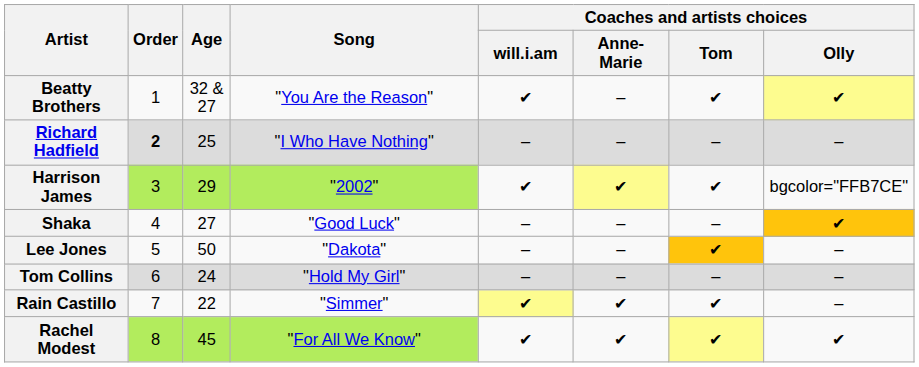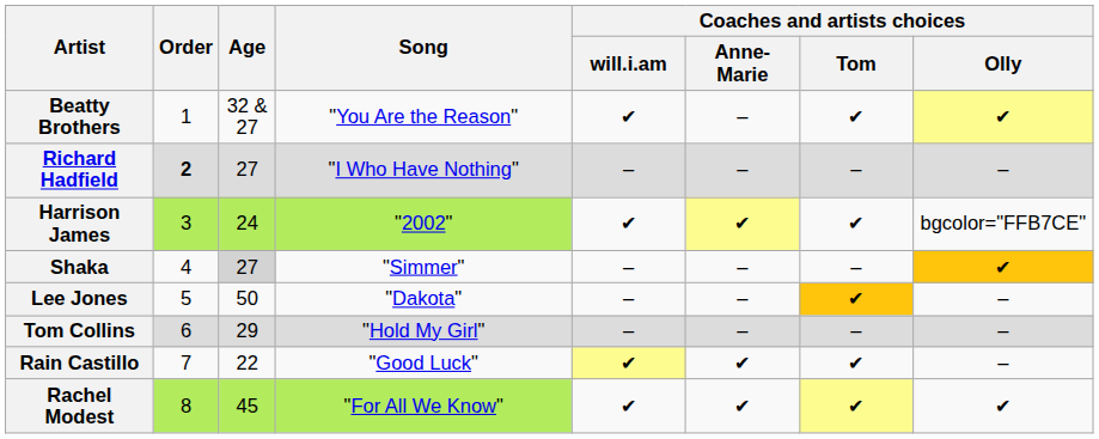 <table class="wikitable" style="text-align:center; width:100%">
 <tr>
 <th scope="col" rowspan="2" style="width:13%">Artist</th>
 <th scope="col" rowspan="2" style="width:05%">Order</th>
 <th scope="col" rowspan="2" style="width:05%">Age</th>
 <th scope="col" rowspan="2" style="width:26%">Song</th>
 <th scope="col" colspan="4" style="width:40%">Coaches and artists choices</th>
 </tr>
 <tr>
 <th style="width:10%">will.i.am</th>
 <th style="width:10%">Anne-Marie</th>
 <th style="width:10%">Tom</th>
 <th style="width:10%">Olly</th>
 </tr>
 <tr>
 <th scope="row">Beatty Brothers</th>
 <td>1</td>
 <td>32 & 27</td>
 <td>"<a href='#'>You Are the Reason</a>"</td>
 <td>✔</td>
 <td>–</td>
 <td>✔</td>
 <td style="background:#fdfc8f">✔</td>
 </tr>
 <tr style="background:#DCDCDC">
 <th scope="row"><a href='#'>Richard Hadfield</a></th>
 <td><strong>2</strong></td>
-<td>25</td>
+<td>27</td>
 <td>"<a href='#'>I Who Have Nothing</a>"</td>
 <td>–</td>
 <td>–</td>
 <td>–</td>
 <td>–</td>
 </tr>
 <tr>
 <th scope="row">Harrison James</th>
 <td style="background:#B2EC5D">3</td>
-<td style="background:#B2EC5D">29</td>
+<td style="background:#B2EC5D">24</td>
 <td style="background:#B2EC5D">"<a href='#'>2002</a>"</td>
 <td>✔</td>
 <td style="background:#fdfc8f">✔</td>
 <td>✔</td>
 <td>bgcolor="FFB7CE"</td>
 </tr>
 <tr>
 <th scope="row">Shaka</th>
 <td>4</td>
-<td>27</td>
-<td>"<a href='#'>Good Luck</a>"</td>
+<td style="background: lightgrey;">27</td>
+<td>"<a href='#'>Simmer</a>"</td>
 <td>–</td>
 <td>–</td>
 <td>–</td>
 <td style="background:#ffc40c">✔</td>
 </tr>
 <tr>
 <th scope="row">Lee Jones</th>
 <td>5</td>
 <td>50</td>
 <td>"<a href='#'>Dakota</a>"</td>
 <td>–</td>
 <td>–</td>
 <td style="background:#ffc40c">✔</td>
 <td>–</td>
 </tr>
 <tr style="background:#DCDCDC">
 <th scope="row">Tom Collins</th>
 <td>6</td>
-<td>24</td>
+<td>29</td>
 <td>"<a href='#'>Hold My Girl</a>"</td>
 <td>–</td>
 <td>–</td>
 <td>–</td>
 <td>–</td>
 </tr>
 <tr>
 <th scope="row">Rain Castillo</th>
 <td>7</td>
 <td>22</td>
-<td>"<a href='#'>Simmer</a>"</td>
+<td>"<a href='#'>Good Luck</a>"</td>
 <td style="background:#fdfc8f">✔</td>
 <td>✔</td>
 <td>✔</td>
 <td>–</td>
 </tr>
 <tr>
 <th scope="row">Rachel Modest</th>
 <td style="background:#B2EC5D">8</td>
 <td style="background:#B2EC5D">45</td>
 <td style="background:#B2EC5D">"<a href='#'>For All We Know</a>"</td>
 <td>✔</td>
 <td>✔</td>
 <td style="background:#fdfc8f">✔</td>
 <td>✔</td>
 </tr>
 </table>
